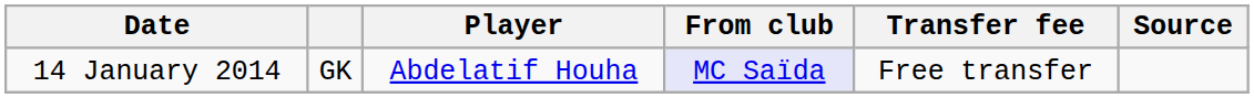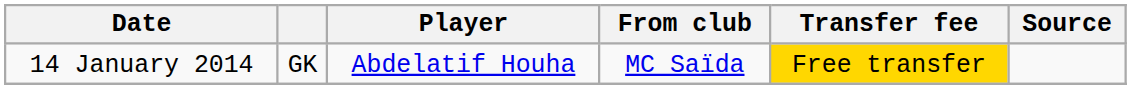 <table class="wikitable sortable" style="width:80%; text-align:center; font-size:85%; text-align:centre;">
 <tr>
 <th>Date</th>
 <th></th>
 <th>Player</th>
 <th>From club</th>
 <th>Transfer fee</th>
 <th>Source</th>
 </tr>
 <tr>
 <td>14 January 2014</td>
 <td>GK</td>
 <td> <a href='#'>Abdelatif Houha</a></td>
-<td style="background: lavender;"><a href='#'>MC Saïda</a></td>
-<td>Free transfer</td>
+<td><a href='#'>MC Saïda</a></td>
+<td style="background: gold;">Free transfer</td>
 <td></td>
 </tr>
 <tr>
 </tr>
 </table>
